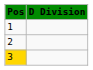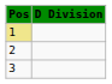 <table class="wikitable" style="margin:0.5em auto; font-size:95%">
 <tr style="background:#008b00;">
 <td><strong>Pos</strong></td>
 <td><strong>D Division</strong></td>
 </tr>
 <tr>
-<td>1</td>
+<td style="background: khaki;">1</td>
 <td></td>
 </tr>
 <tr>
 <td>2</td>
 <td></td>
 </tr>
 <tr>
-<td style="background: gold;">3</td>
+<td>3</td>
 <td></td>
 </tr>
 </table>
